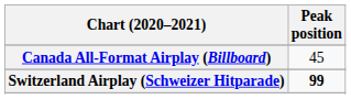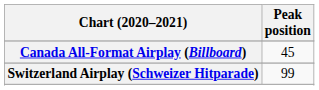 <table class="wikitable plainrowheaders sortable" style="text-align:center;">
 <tr>
 <th>Chart (2020–2021)</th>
 <th>Peak<br>position</th>
 </tr>
 <tr>
 </tr>
 <tr>
 </tr>
 <tr>
 <th scope="row"><a href='#'>Canada All-Format Airplay</a> (<em><a href='#'>Billboard</a></em>)</th>
 <td>45</td>
 </tr>
 <tr>
 </tr>
 <tr>
 </tr>
 <tr>
 <th scope="row">Switzerland Airplay (<a href='#'>Schweizer Hitparade</a>)</th>
-<td><strong>99</strong></td>
+<td>99</td>
 </tr>
 <tr>
 </tr>
 <tr>
 </tr>
 <tr>
 </tr>
 </table>
